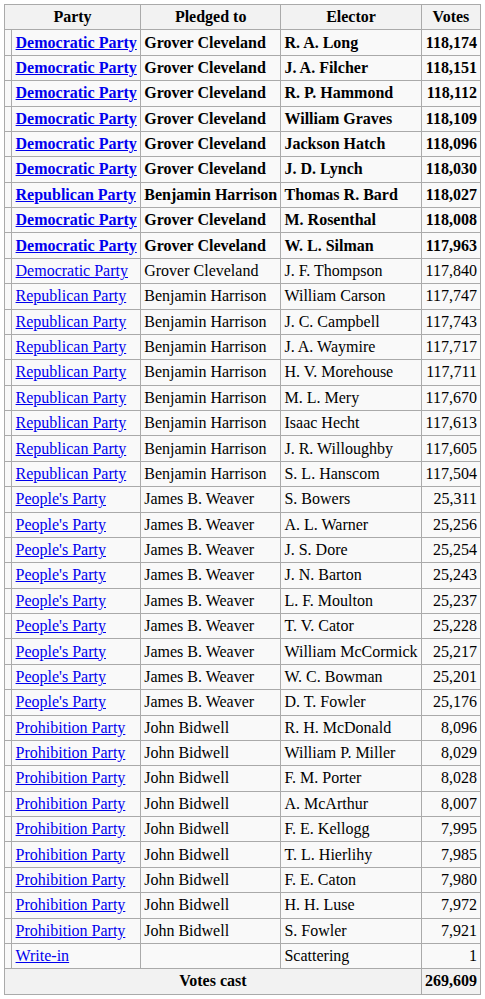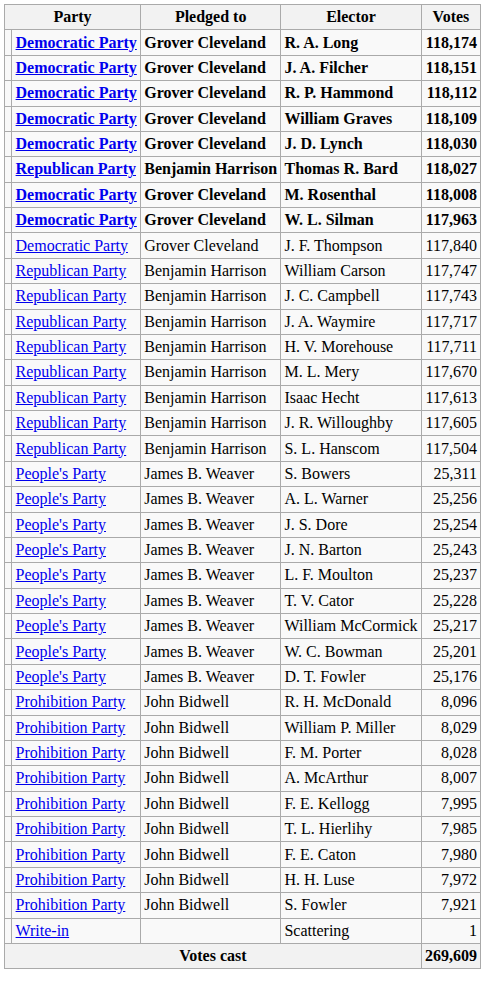 <table class="wikitable">
 <tr>
 <th colspan=2>Party</th>
 <th>Pledged to</th>
 <th>Elector</th>
 <th>Votes</th>
 </tr>
 <tr style="font-weight:bold">
 <td bgcolor=></td>
 <td><a href='#'>Democratic Party</a></td>
 <td>Grover Cleveland</td>
 <td>R. A. Long</td>
 <td align=right>118,174</td>
 </tr>
 <tr style="font-weight:bold">
 <td bgcolor=></td>
 <td><a href='#'>Democratic Party</a></td>
 <td>Grover Cleveland</td>
 <td>J. A. Filcher</td>
 <td align="right">118,151</td>
 </tr>
 <tr style="font-weight:bold">
 <td bgcolor=></td>
 <td><a href='#'>Democratic Party</a></td>
 <td>Grover Cleveland</td>
 <td>R. P. Hammond</td>
 <td align="right">118,112</td>
 </tr>
 <tr style="font-weight:bold">
 <td bgcolor=></td>
 <td><a href='#'>Democratic Party</a></td>
 <td>Grover Cleveland</td>
 <td>William Graves</td>
 <td align="right">118,109</td>
-</tr>
-<tr style="font-weight:bold">
-<td bgcolor=></td>
-<td><a href='#'>Democratic Party</a></td>
-<td>Grover Cleveland</td>
-<td>Jackson Hatch</td>
-<td align="right">118,096</td>
 </tr>
 <tr style="font-weight:bold">
 <td bgcolor=></td>
 <td><a href='#'>Democratic Party</a></td>
 <td>Grover Cleveland</td>
 <td>J. D. Lynch</td>
 <td align="right">118,030</td>
 </tr>
 <tr style="font-weight:bold">
 <td></td>
 <td><a href='#'>Republican Party</a></td>
 <td>Benjamin Harrison</td>
 <td>Thomas R. Bard</td>
 <td align="right">118,027</td>
 </tr>
 <tr style="font-weight:bold">
 <td bgcolor=></td>
 <td><a href='#'>Democratic Party</a></td>
 <td>Grover Cleveland</td>
 <td>M. Rosenthal</td>
 <td align="right">118,008</td>
 </tr>
 <tr style="font-weight:bold">
 <td bgcolor=></td>
 <td><a href='#'>Democratic Party</a></td>
 <td>Grover Cleveland</td>
 <td>W. L. Silman</td>
 <td align="right">117,963</td>
 </tr>
 <tr>
 <td bgcolor=></td>
 <td><a href='#'>Democratic Party</a></td>
 <td>Grover Cleveland</td>
 <td>J. F. Thompson</td>
 <td align=right>117,840</td>
 </tr>
 <tr>
 <td></td>
 <td><a href='#'>Republican Party</a></td>
 <td>Benjamin Harrison</td>
 <td>William Carson</td>
 <td align="right">117,747</td>
 </tr>
 <tr>
 <td></td>
 <td><a href='#'>Republican Party</a></td>
 <td>Benjamin Harrison</td>
 <td>J. C. Campbell</td>
 <td align=right>117,743</td>
 </tr>
 <tr>
 <td></td>
 <td><a href='#'>Republican Party</a></td>
 <td>Benjamin Harrison</td>
 <td>J. A. Waymire</td>
 <td align=right>117,717</td>
 </tr>
 <tr>
 <td></td>
 <td><a href='#'>Republican Party</a></td>
 <td>Benjamin Harrison</td>
 <td>H. V. Morehouse</td>
 <td align=right>117,711</td>
 </tr>
 <tr>
 <td></td>
 <td><a href='#'>Republican Party</a></td>
 <td>Benjamin Harrison</td>
 <td>M. L. Mery</td>
 <td align="right">117,670</td>
 </tr>
 <tr>
 <td></td>
 <td><a href='#'>Republican Party</a></td>
 <td>Benjamin Harrison</td>
 <td>Isaac Hecht</td>
 <td align="right">117,613</td>
 </tr>
 <tr>
 <td></td>
 <td><a href='#'>Republican Party</a></td>
 <td>Benjamin Harrison</td>
 <td>J. R. Willoughby</td>
 <td align="right">117,605</td>
 </tr>
 <tr>
 <td></td>
 <td><a href='#'>Republican Party</a></td>
 <td>Benjamin Harrison</td>
 <td>S. L. Hanscom</td>
 <td align="right">117,504</td>
 </tr>
 <tr>
 <td></td>
 <td><a href='#'>People's Party</a></td>
 <td>James B. Weaver</td>
 <td>S. Bowers</td>
 <td align="right">25,311</td>
 </tr>
 <tr>
 <td></td>
 <td><a href='#'>People's Party</a></td>
 <td>James B. Weaver</td>
 <td>A. L. Warner</td>
 <td align="right">25,256</td>
 </tr>
 <tr>
 <td></td>
 <td><a href='#'>People's Party</a></td>
 <td>James B. Weaver</td>
 <td>J. S. Dore</td>
 <td align="right">25,254</td>
 </tr>
 <tr>
 <td></td>
 <td><a href='#'>People's Party</a></td>
 <td>James B. Weaver</td>
 <td>J. N. Barton</td>
 <td align="right">25,243</td>
 </tr>
 <tr>
 <td></td>
 <td><a href='#'>People's Party</a></td>
 <td>James B. Weaver</td>
 <td>L. F. Moulton</td>
 <td align="right">25,237</td>
 </tr>
 <tr>
 <td></td>
 <td><a href='#'>People's Party</a></td>
 <td>James B. Weaver</td>
 <td>T. V. Cator</td>
 <td align="right">25,228</td>
 </tr>
 <tr>
 <td></td>
 <td><a href='#'>People's Party</a></td>
 <td>James B. Weaver</td>
 <td>William McCormick</td>
 <td align="right">25,217</td>
 </tr>
 <tr>
 <td></td>
 <td><a href='#'>People's Party</a></td>
 <td>James B. Weaver</td>
 <td>W. C. Bowman</td>
 <td align="right">25,201</td>
 </tr>
 <tr>
 <td></td>
 <td><a href='#'>People's Party</a></td>
 <td>James B. Weaver</td>
 <td>D. T. Fowler</td>
 <td align="right">25,176</td>
 </tr>
 <tr>
 <td></td>
 <td><a href='#'>Prohibition Party</a></td>
 <td>John Bidwell</td>
 <td>R. H. McDonald</td>
 <td align="right">8,096</td>
 </tr>
 <tr>
 <td></td>
 <td><a href='#'>Prohibition Party</a></td>
 <td>John Bidwell</td>
 <td>William P. Miller</td>
 <td align="right">8,029</td>
 </tr>
 <tr>
 <td></td>
 <td><a href='#'>Prohibition Party</a></td>
 <td>John Bidwell</td>
 <td>F. M. Porter</td>
 <td align="right">8,028</td>
 </tr>
 <tr>
 <td></td>
 <td><a href='#'>Prohibition Party</a></td>
 <td>John Bidwell</td>
 <td>A. McArthur</td>
 <td align="right">8,007</td>
 </tr>
 <tr>
 <td></td>
 <td><a href='#'>Prohibition Party</a></td>
 <td>John Bidwell</td>
 <td>F. E. Kellogg</td>
 <td align="right">7,995</td>
 </tr>
 <tr>
 <td></td>
 <td><a href='#'>Prohibition Party</a></td>
 <td>John Bidwell</td>
 <td>T. L. Hierlihy</td>
 <td align="right">7,985</td>
 </tr>
 <tr>
 <td></td>
 <td><a href='#'>Prohibition Party</a></td>
 <td>John Bidwell</td>
 <td>F. E. Caton</td>
 <td align="right">7,980</td>
 </tr>
 <tr>
 <td></td>
 <td><a href='#'>Prohibition Party</a></td>
 <td>John Bidwell</td>
 <td>H. H. Luse</td>
 <td align="right">7,972</td>
 </tr>
 <tr>
 <td></td>
 <td><a href='#'>Prohibition Party</a></td>
 <td>John Bidwell</td>
 <td>S. Fowler</td>
 <td align="right">7,921</td>
 </tr>
 <tr>
 <td></td>
 <td><a href='#'>Write-in</a></td>
 <td></td>
 <td>Scattering</td>
 <td align="right">1</td>
 </tr>
 <tr>
 <th colspan="4">Votes cast</th>
 <th>269,609</th>
 </tr>
 </table>
